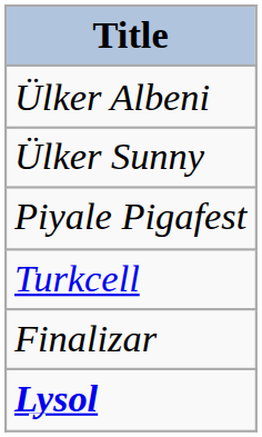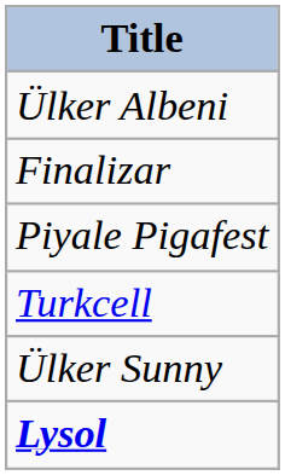 <table class="wikitable">
 <tr>
 <th style="background:#B0C4DE;">Title</th>
 </tr>
 <tr>
 <td><em>Ülker Albeni</em></td>
 </tr>
 <tr>
-<td><em>Ülker Sunny</em></td>
+<td><em>Finalizar</em></td>
 </tr>
 <tr>
 <td><em>Piyale Pigafest</em></td>
 </tr>
 <tr>
 <td><em><a href='#'>Turkcell</a></em></td>
 </tr>
 <tr>
-<td><em>Finalizar</em></td>
+<td><em>Ülker Sunny</em></td>
 </tr>
 <tr>
 <td><strong><em><a href='#'>Lysol</a></em></strong></td>
 </tr>
 </table>
